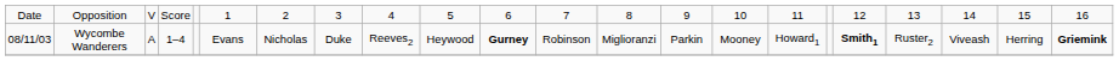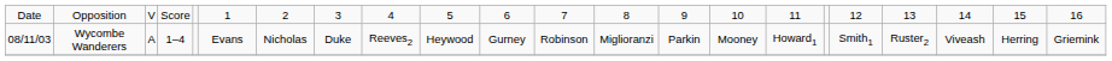 <table class="wikitable" style="font-size: 80%; text-align: center;">
 <tr style="text-align:center;">
 <td style="width:10px; ">Date</td>
 <td style="width:150px; ">Opposition</td>
 <td style="width:5px; ">V</td>
 <td style="width:5px; ">Score</td>
 <td style="width:1px; text-align:center;"></td>
 <td style="width:95px; ">1</td>
 <td style="width:75px; ">2</td>
 <td style="width:75px; ">3</td>
 <td style="width:75px; ">4</td>
 <td style="width:75px; ">5</td>
 <td style="width:75px; ">6</td>
 <td style="width:75px; ">7</td>
 <td style="width:75px; ">8</td>
 <td style="width:75px; ">9</td>
 <td style="width:75px; ">10</td>
 <td style="width:75px; ">11</td>
 <td style="width:1px; text-align:center;"></td>
 <td style="width:75px; ">12</td>
 <td style="width:75px; ">13</td>
 <td style="width:75px; ">14</td>
 <td style="width:75px; ">15</td>
 <td style="width:75px; ">16</td>
 </tr>
 <tr>
 <td>08/11/03</td>
 <td>Wycombe Wanderers</td>
 <td>A</td>
 <td>1–4</td>
 <td></td>
 <td>Evans</td>
 <td>Nicholas</td>
 <td>Duke</td>
 <td>Reeves<sub>2</sub></td>
 <td>Heywood</td>
-<td><strong>Gurney</strong></td>
+<td>Gurney</td>
 <td>Robinson</td>
 <td>Miglioranzi</td>
 <td>Parkin</td>
 <td>Mooney</td>
 <td>Howard<sub>1</sub></td>
 <td></td>
-<td><strong>Smith<sub>1</sub></strong></td>
+<td>Smith<sub>1</sub></td>
 <td>Ruster<sub>2</sub></td>
 <td>Viveash</td>
 <td>Herring</td>
-<td><strong>Griemink</strong></td>
+<td>Griemink</td>
 </tr>
 <tr>
 </tr>
 </table>
